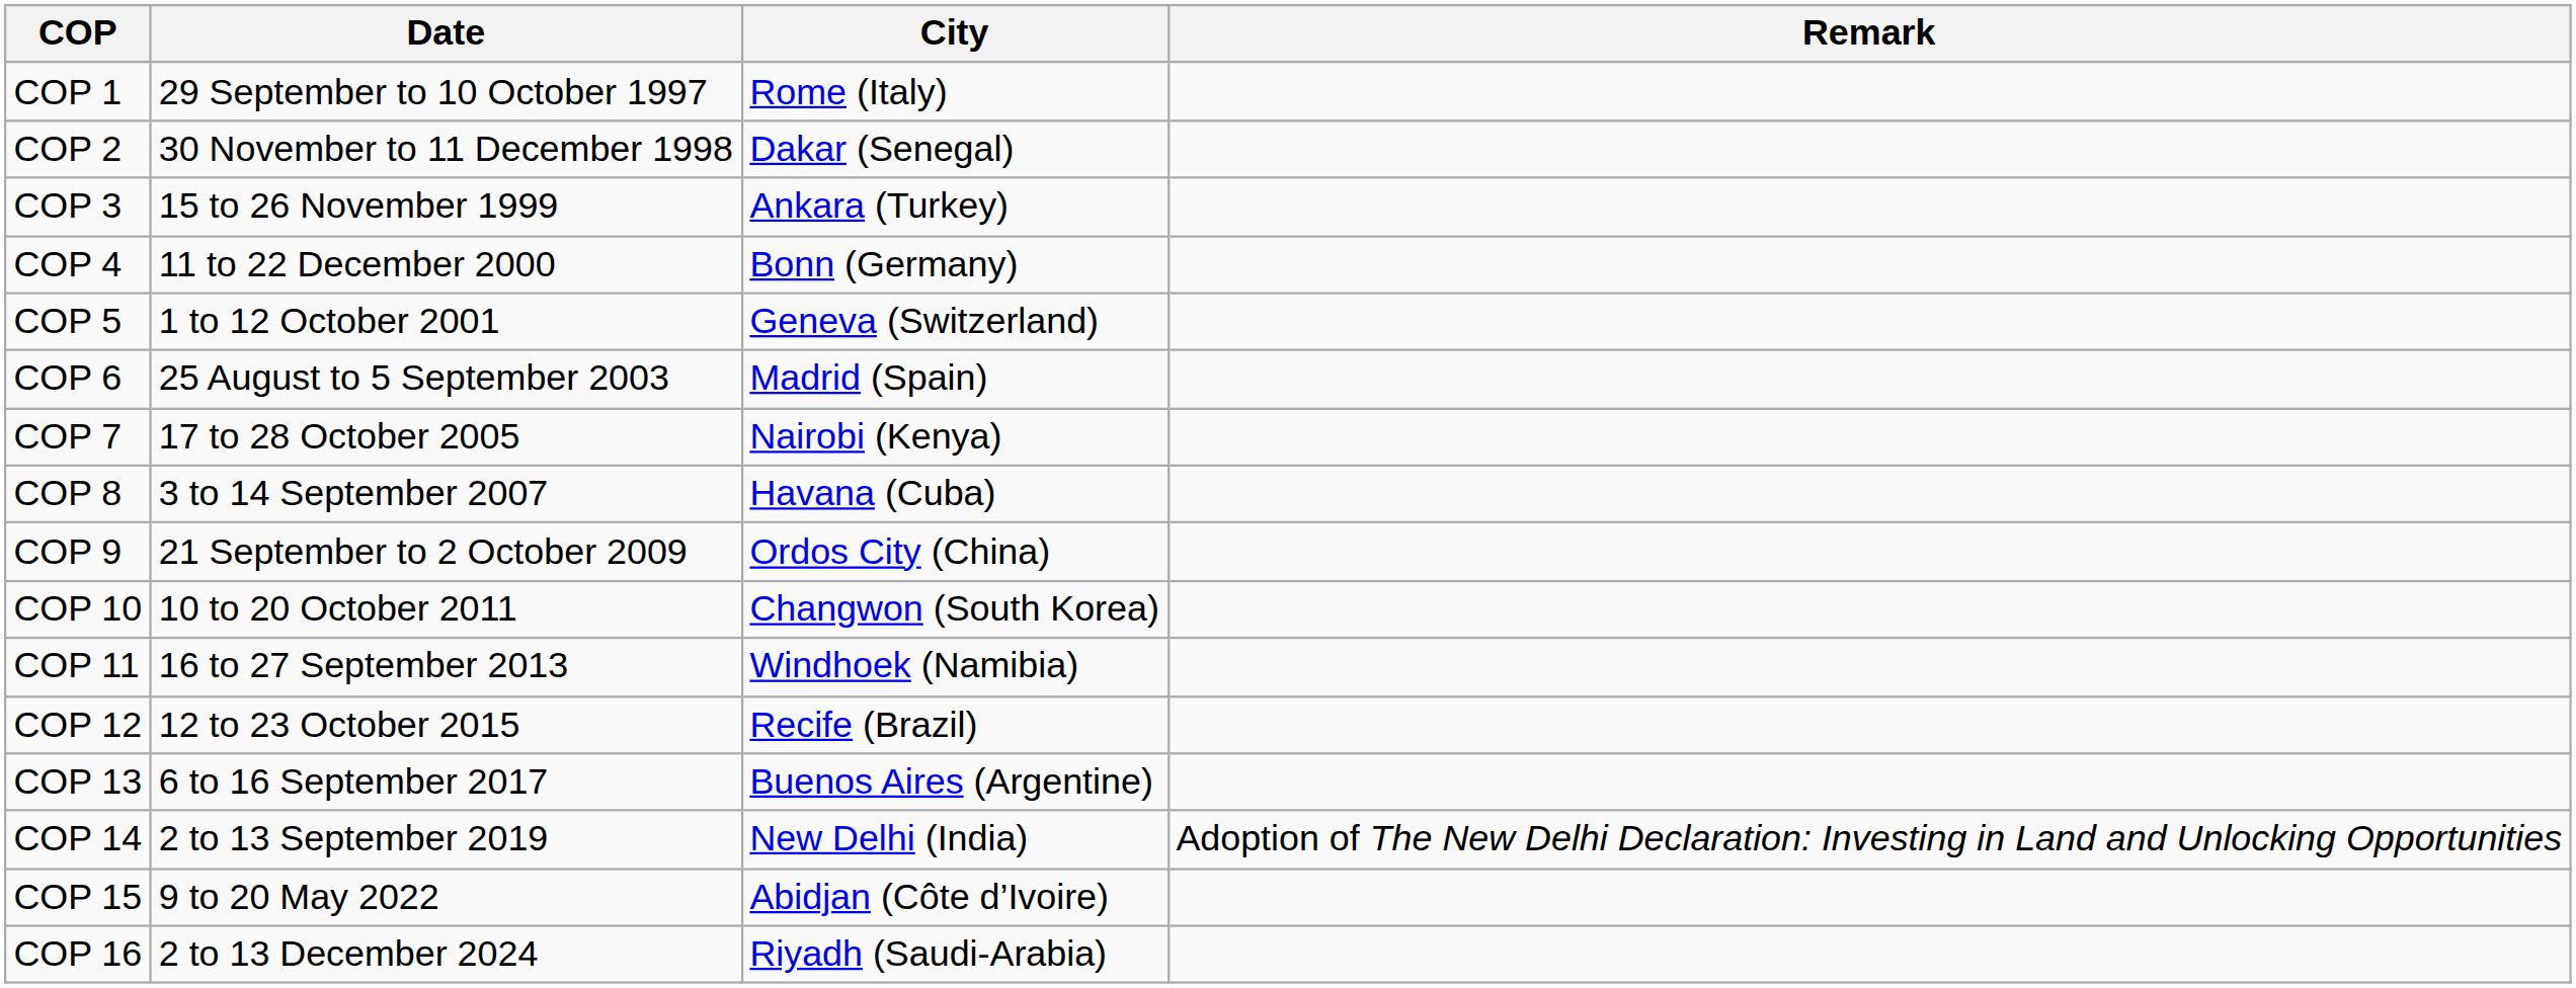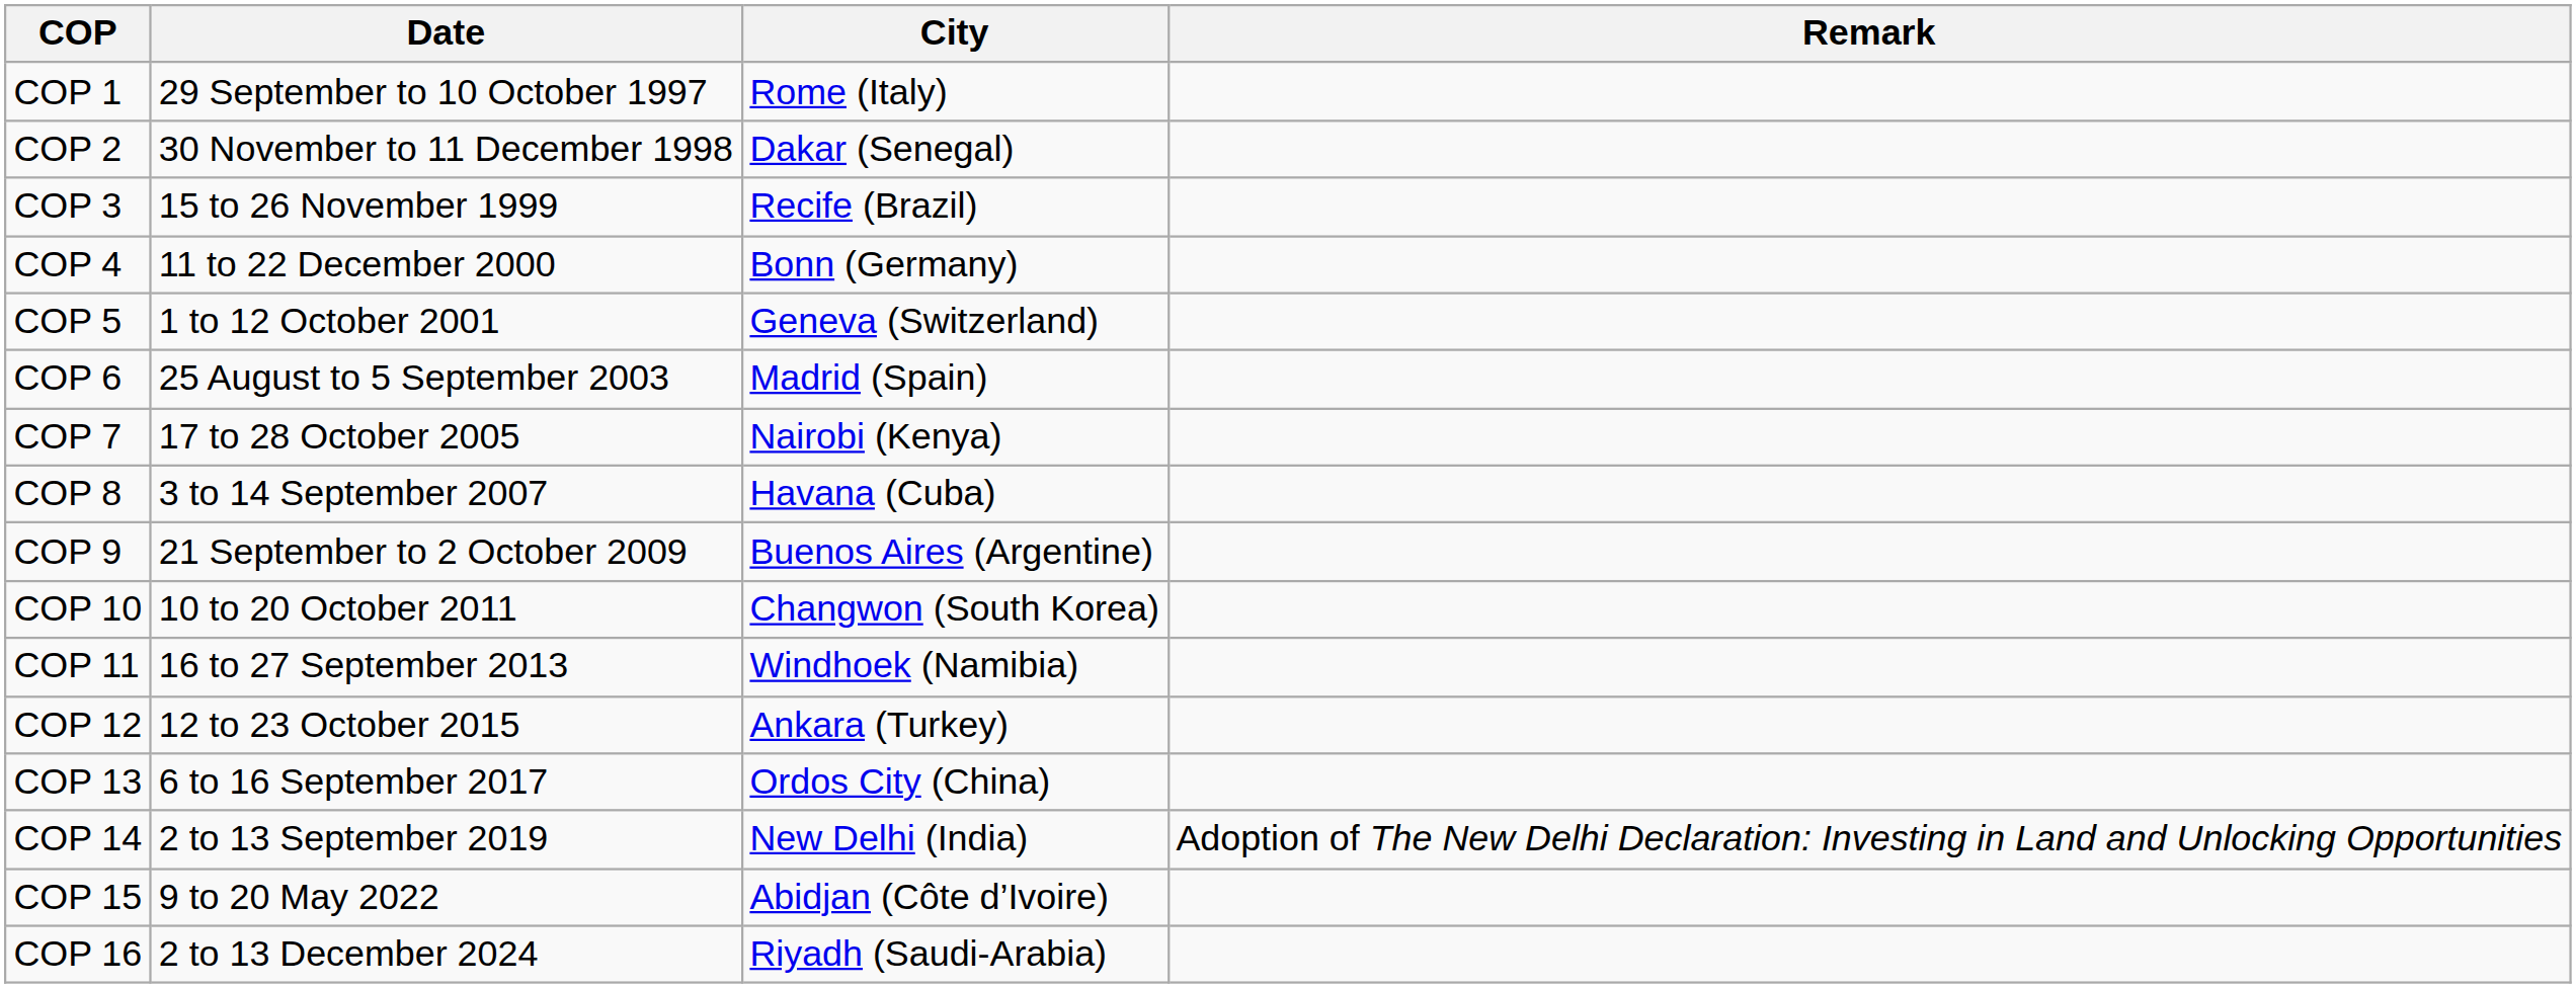 <table class="wikitable">
 <tr>
 <th>COP</th>
 <th>Date</th>
 <th>City</th>
 <th>Remark</th>
 </tr>
 <tr>
 <td>COP 1</td>
 <td>29 September to 10 October 1997</td>
 <td><a href='#'>Rome</a> (Italy)</td>
 <td></td>
 </tr>
 <tr>
 <td>COP 2</td>
 <td>30 November to 11 December 1998</td>
 <td><a href='#'>Dakar</a> (Senegal)</td>
 <td></td>
 </tr>
 <tr>
 <td>COP 3</td>
 <td>15 to 26 November 1999</td>
-<td><a href='#'>Ankara</a> (Turkey)</td>
+<td><a href='#'>Recife</a> (Brazil)</td>
 <td></td>
 </tr>
 <tr>
 <td>COP 4</td>
 <td>11 to 22 December 2000</td>
 <td><a href='#'>Bonn</a> (Germany)</td>
 <td></td>
 </tr>
 <tr>
 <td>COP 5</td>
 <td>1 to 12 October 2001</td>
 <td><a href='#'>Geneva</a> (Switzerland)</td>
 <td></td>
 </tr>
 <tr>
 <td>COP 6</td>
 <td>25 August to 5 September 2003</td>
 <td><a href='#'>Madrid</a> (Spain)</td>
 <td></td>
 </tr>
 <tr>
 <td>COP 7</td>
 <td>17 to 28 October 2005</td>
 <td><a href='#'>Nairobi</a> (Kenya)</td>
 <td></td>
 </tr>
 <tr>
 <td>COP 8</td>
 <td>3 to 14 September 2007</td>
 <td><a href='#'>Havana</a> (Cuba)</td>
 <td></td>
 </tr>
 <tr>
 <td>COP 9</td>
 <td>21 September to 2 October 2009</td>
-<td><a href='#'>Ordos City</a> (China)</td>
+<td><a href='#'>Buenos Aires</a> (Argentine)</td>
 <td></td>
 </tr>
 <tr>
 <td>COP 10</td>
 <td>10 to 20 October 2011</td>
 <td><a href='#'>Changwon</a> (South Korea)</td>
 <td></td>
 </tr>
 <tr>
 <td>COP 11</td>
 <td>16 to 27 September 2013</td>
 <td><a href='#'>Windhoek</a> (Namibia)</td>
 <td></td>
 </tr>
 <tr>
 <td>COP 12</td>
 <td>12 to 23 October 2015</td>
-<td><a href='#'>Recife</a> (Brazil)</td>
+<td><a href='#'>Ankara</a> (Turkey)</td>
 <td></td>
 </tr>
 <tr>
 <td>COP 13</td>
 <td>6 to 16 September 2017</td>
-<td><a href='#'>Buenos Aires</a> (Argentine)</td>
+<td><a href='#'>Ordos City</a> (China)</td>
 <td></td>
 </tr>
 <tr>
 <td>COP 14</td>
 <td>2 to 13 September 2019</td>
 <td><a href='#'>New Delhi</a> (India)</td>
 <td>Adoption of <em>The New Delhi Declaration: Investing in Land and Unlocking Opportunities</em></td>
 </tr>
 <tr>
 <td>COP 15</td>
 <td>9 to 20 May 2022</td>
 <td><a href='#'>Abidjan</a> (Côte d’Ivoire)</td>
 <td></td>
 </tr>
 <tr>
 <td>COP 16</td>
 <td>2 to 13 December 2024</td>
 <td><a href='#'>Riyadh</a> (Saudi-Arabia)<br></td>
 </tr>
 </table>
